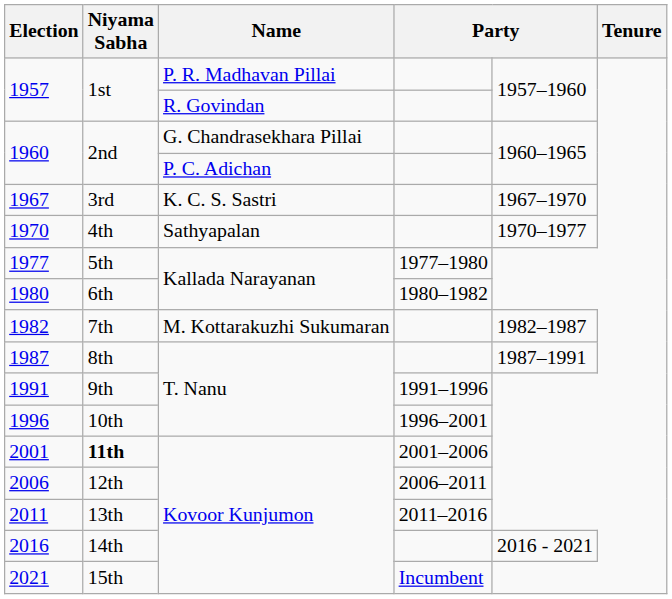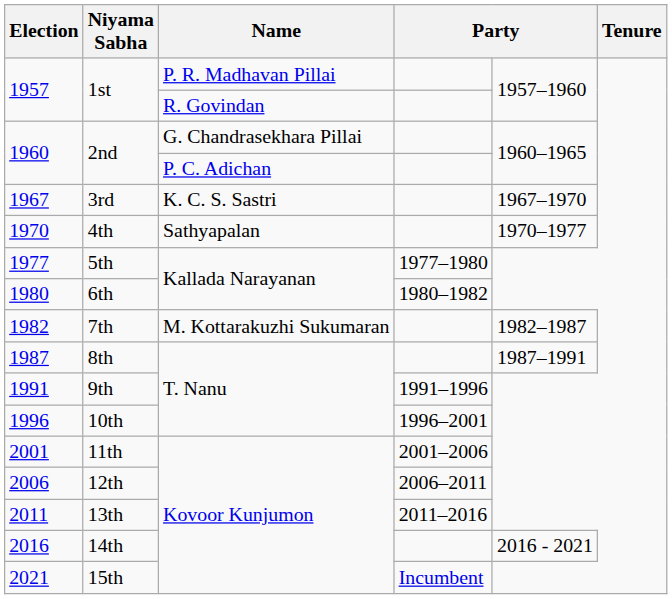 <table class="wikitable sortable">
 <tr>
 <th>Election</th>
 <th>Niyama<br>Sabha</th>
 <th>Name</th>
 <th colspan="2">Party</th>
 <th>Tenure</th>
 </tr>
 <tr>
 <td rowspan="2"><a href='#'>1957</a></td>
 <td rowspan="2">1st</td>
 <td><a href='#'>P. R. Madhavan Pillai</a></td>
 <td></td>
 <td rowspan="2">1957–1960</td>
 </tr>
 <tr>
 <td><a href='#'>R. Govindan</a></td>
 </tr>
 <tr>
 <td rowspan="2"><a href='#'>1960</a></td>
 <td rowspan="2">2nd</td>
 <td>G. Chandrasekhara Pillai</td>
 <td></td>
 <td rowspan="2">1960–1965</td>
 </tr>
 <tr>
 <td><a href='#'>P. C. Adichan</a></td>
 <td></td>
 </tr>
 <tr>
 <td><a href='#'>1967</a></td>
 <td>3rd</td>
 <td>K. C. S. Sastri</td>
 <td></td>
 <td>1967–1970</td>
 </tr>
 <tr>
 <td><a href='#'>1970</a></td>
 <td>4th</td>
 <td>Sathyapalan</td>
 <td></td>
 <td>1970–1977</td>
 </tr>
 <tr>
 <td><a href='#'>1977</a></td>
 <td>5th</td>
 <td rowspan="2">Kallada Narayanan</td>
 <td>1977–1980</td>
 </tr>
 <tr>
 <td><a href='#'>1980</a></td>
 <td>6th</td>
 <td>1980–1982</td>
 </tr>
 <tr>
 <td><a href='#'>1982</a></td>
 <td>7th</td>
 <td>M. Kottarakuzhi Sukumaran</td>
 <td></td>
 <td>1982–1987</td>
 </tr>
 <tr>
 <td><a href='#'>1987</a></td>
 <td>8th</td>
 <td rowspan="3">T. Nanu</td>
 <td></td>
 <td>1987–1991</td>
 </tr>
 <tr>
 <td><a href='#'>1991</a></td>
 <td>9th</td>
 <td>1991–1996</td>
 </tr>
 <tr>
 <td><a href='#'>1996</a></td>
 <td>10th</td>
 <td>1996–2001</td>
 </tr>
 <tr>
 <td><a href='#'>2001</a></td>
-<td><strong>11th</strong></td>
+<td>11th</td>
 <td rowspan="5"><a href='#'>Kovoor Kunjumon</a></td>
 <td>2001–2006</td>
 </tr>
 <tr>
 <td><a href='#'>2006</a></td>
 <td>12th</td>
 <td>2006–2011</td>
 </tr>
 <tr>
 <td><a href='#'>2011</a></td>
 <td>13th</td>
 <td>2011–2016</td>
 </tr>
 <tr>
 <td><a href='#'>2016</a></td>
 <td>14th</td>
 <td></td>
 <td>2016 - 2021</td>
 </tr>
 <tr>
 <td><a href='#'>2021</a></td>
 <td>15th</td>
 <td><a href='#'>Incumbent</a></td>
 </tr>
 </table>
